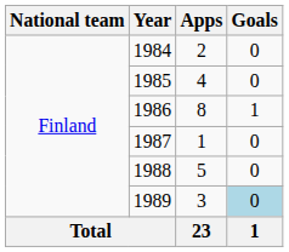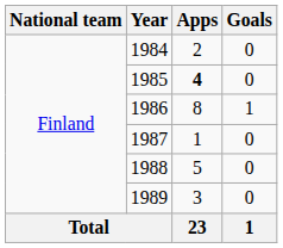 <table class="wikitable" style="text-align:center">
 <tr>
 <th>National team</th>
 <th>Year</th>
 <th>Apps</th>
 <th>Goals</th>
 </tr>
 <tr>
 <td rowspan="6"><a href='#'>Finland</a></td>
 <td>1984</td>
 <td>2</td>
 <td>0</td>
 </tr>
 <tr>
 <td>1985</td>
-<td>4</td>
+<td><strong>4</strong></td>
 <td>0</td>
 </tr>
 <tr>
 <td>1986</td>
 <td>8</td>
 <td>1</td>
 </tr>
 <tr>
 <td>1987</td>
 <td>1</td>
 <td>0</td>
 </tr>
 <tr>
 <td>1988</td>
 <td>5</td>
 <td>0</td>
 </tr>
 <tr>
 <td>1989</td>
 <td>3</td>
-<td style="background: lightblue;">0</td>
+<td>0</td>
 </tr>
 <tr>
 <th colspan="2">Total</th>
 <th>23</th>
 <th>1</th>
 </tr>
 </table>
